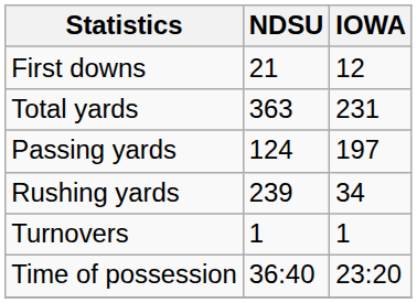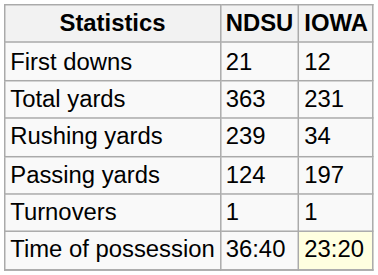 <table class="wikitable">
 <tr>
 <th>Statistics</th>
 <th>NDSU</th>
 <th>IOWA</th>
 </tr>
 <tr>
 <td>First downs</td>
 <td>21</td>
 <td>12</td>
 </tr>
 <tr>
 <td>Total yards</td>
 <td>363</td>
 <td>231</td>
 </tr>
 <tr>
+<td>Rushing yards</td>
+<td>239</td>
+<td>34</td>
+</tr>
+<tr>
 <td>Passing yards</td>
 <td>124</td>
 <td>197</td>
-</tr>
-<tr>
-<td>Rushing yards</td>
-<td>239</td>
-<td>34</td>
 </tr>
 <tr>
 <td>Turnovers</td>
 <td>1</td>
 <td>1</td>
 </tr>
 <tr>
 <td>Time of possession</td>
 <td>36:40</td>
-<td>23:20</td>
+<td style="background: lightyellow;">23:20</td>
 </tr>
 <tr>
 </tr>
 </table>
